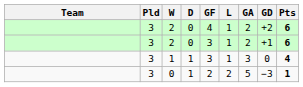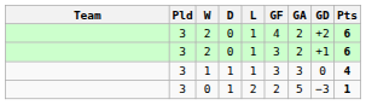 <table class="wikitable" style="text-align:center">
 <tr>
 <th width=180>Team</th>
 <th width=20>Pld</th>
 <th width=20>W</th>
 <th width=20>D</th>
+<th width=20>L</th>
 <th width=20>GF</th>
-<th width=20>L</th>
 <th width=20>GA</th>
 <th width=20>GD</th>
 <th width=20>Pts</th>
 </tr>
 <tr bgcolor="#ccffcc">
 <td align="left"></td>
 <td>3</td>
 <td>2</td>
 <td>0</td>
+<td>1</td>
 <td>4</td>
-<td>1</td>
 <td>2</td>
 <td>+2</td>
 <td><strong>6</strong></td>
 </tr>
 <tr bgcolor="#ccffcc">
 <td align="left"></td>
 <td>3</td>
 <td>2</td>
 <td>0</td>
+<td>1</td>
 <td>3</td>
-<td>1</td>
 <td>2</td>
 <td>+1</td>
 <td><strong>6</strong></td>
 </tr>
 <tr>
 <td align="left"></td>
 <td>3</td>
 <td>1</td>
 <td>1</td>
+<td>1</td>
 <td>3</td>
-<td>1</td>
 <td>3</td>
 <td>0</td>
 <td><strong>4</strong></td>
 </tr>
 <tr>
 <td align="left"></td>
 <td>3</td>
 <td>0</td>
 <td>1</td>
 <td>2</td>
 <td>2</td>
 <td>5</td>
 <td>−3</td>
 <td><strong>1</strong></td>
 </tr>
 </table>
